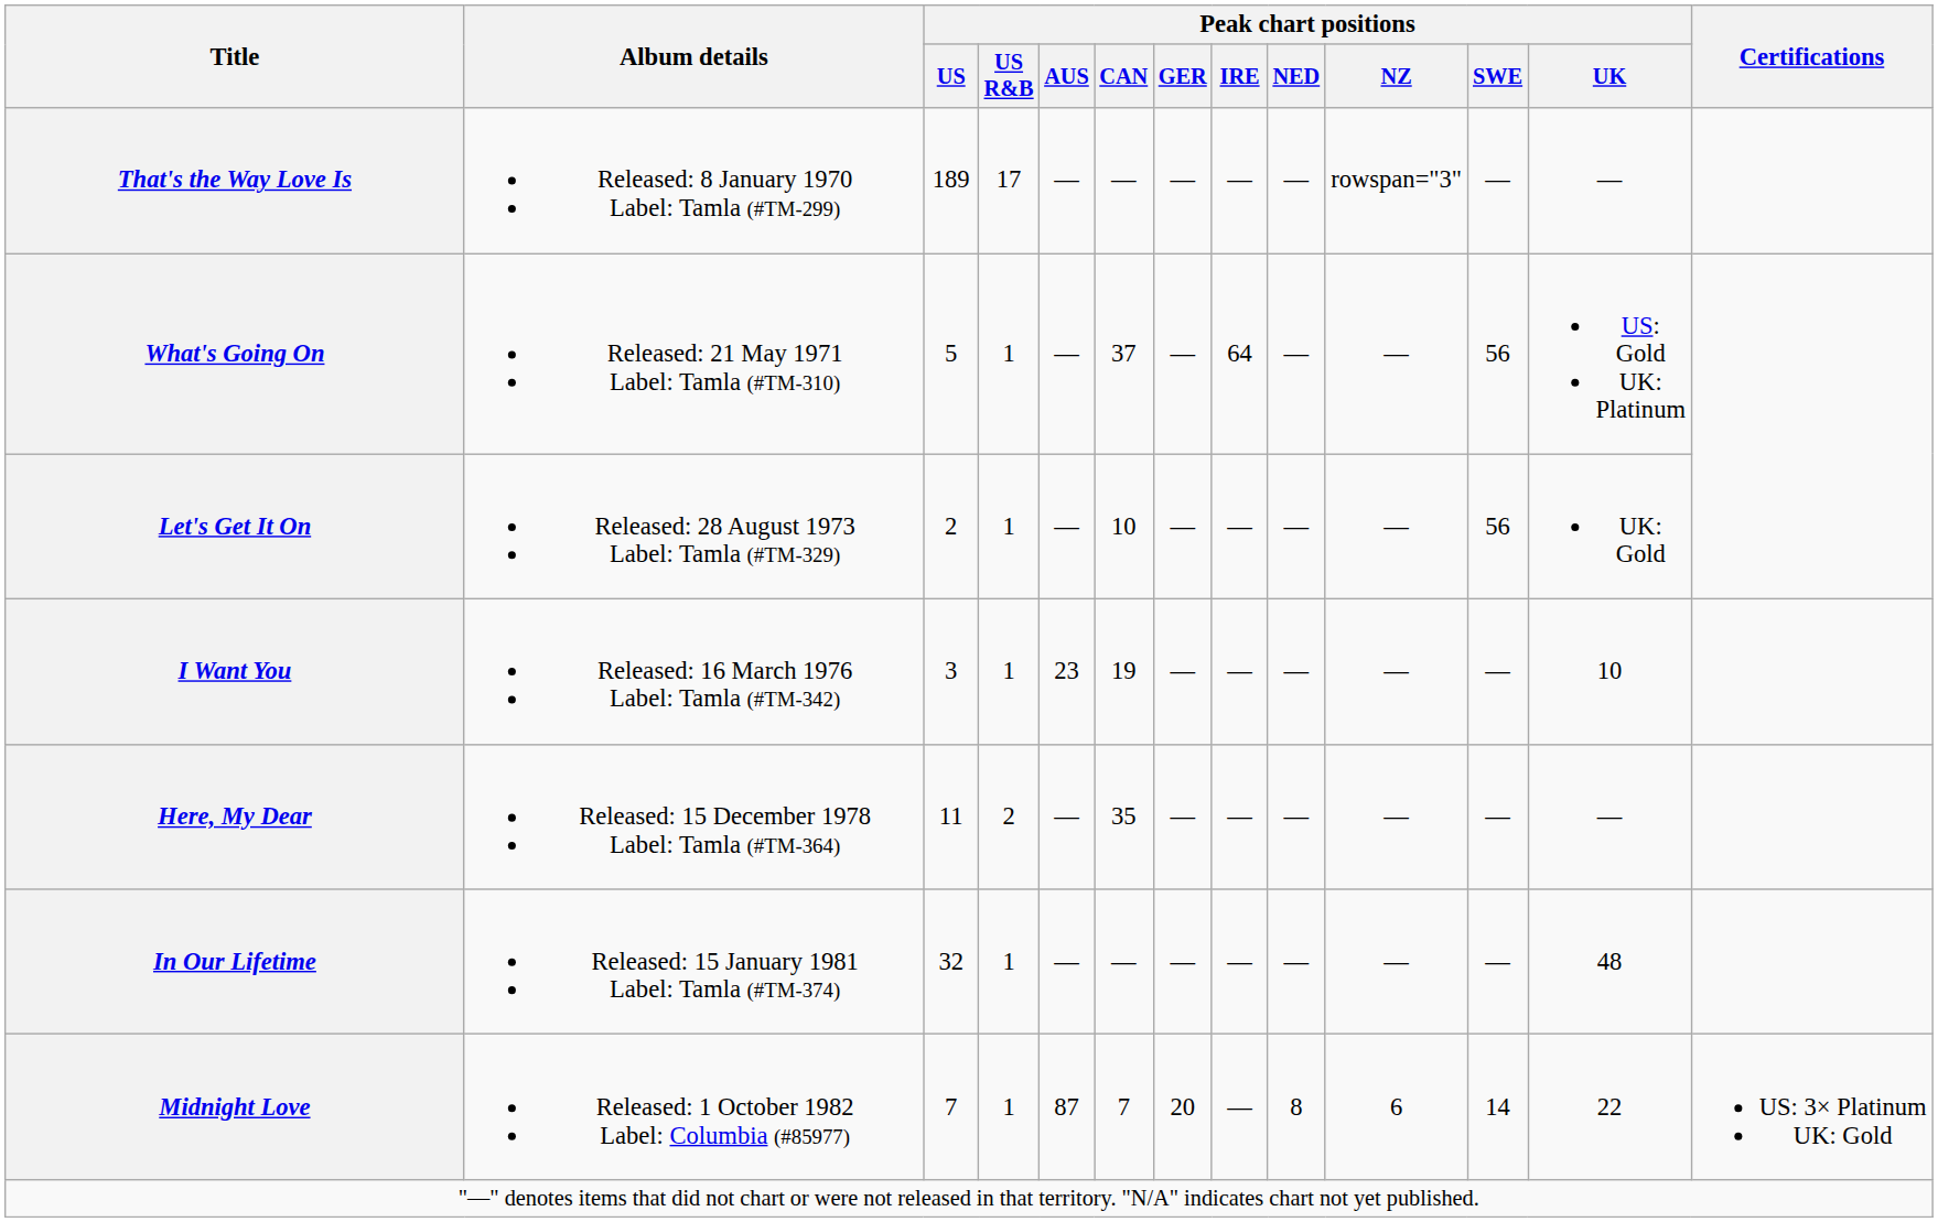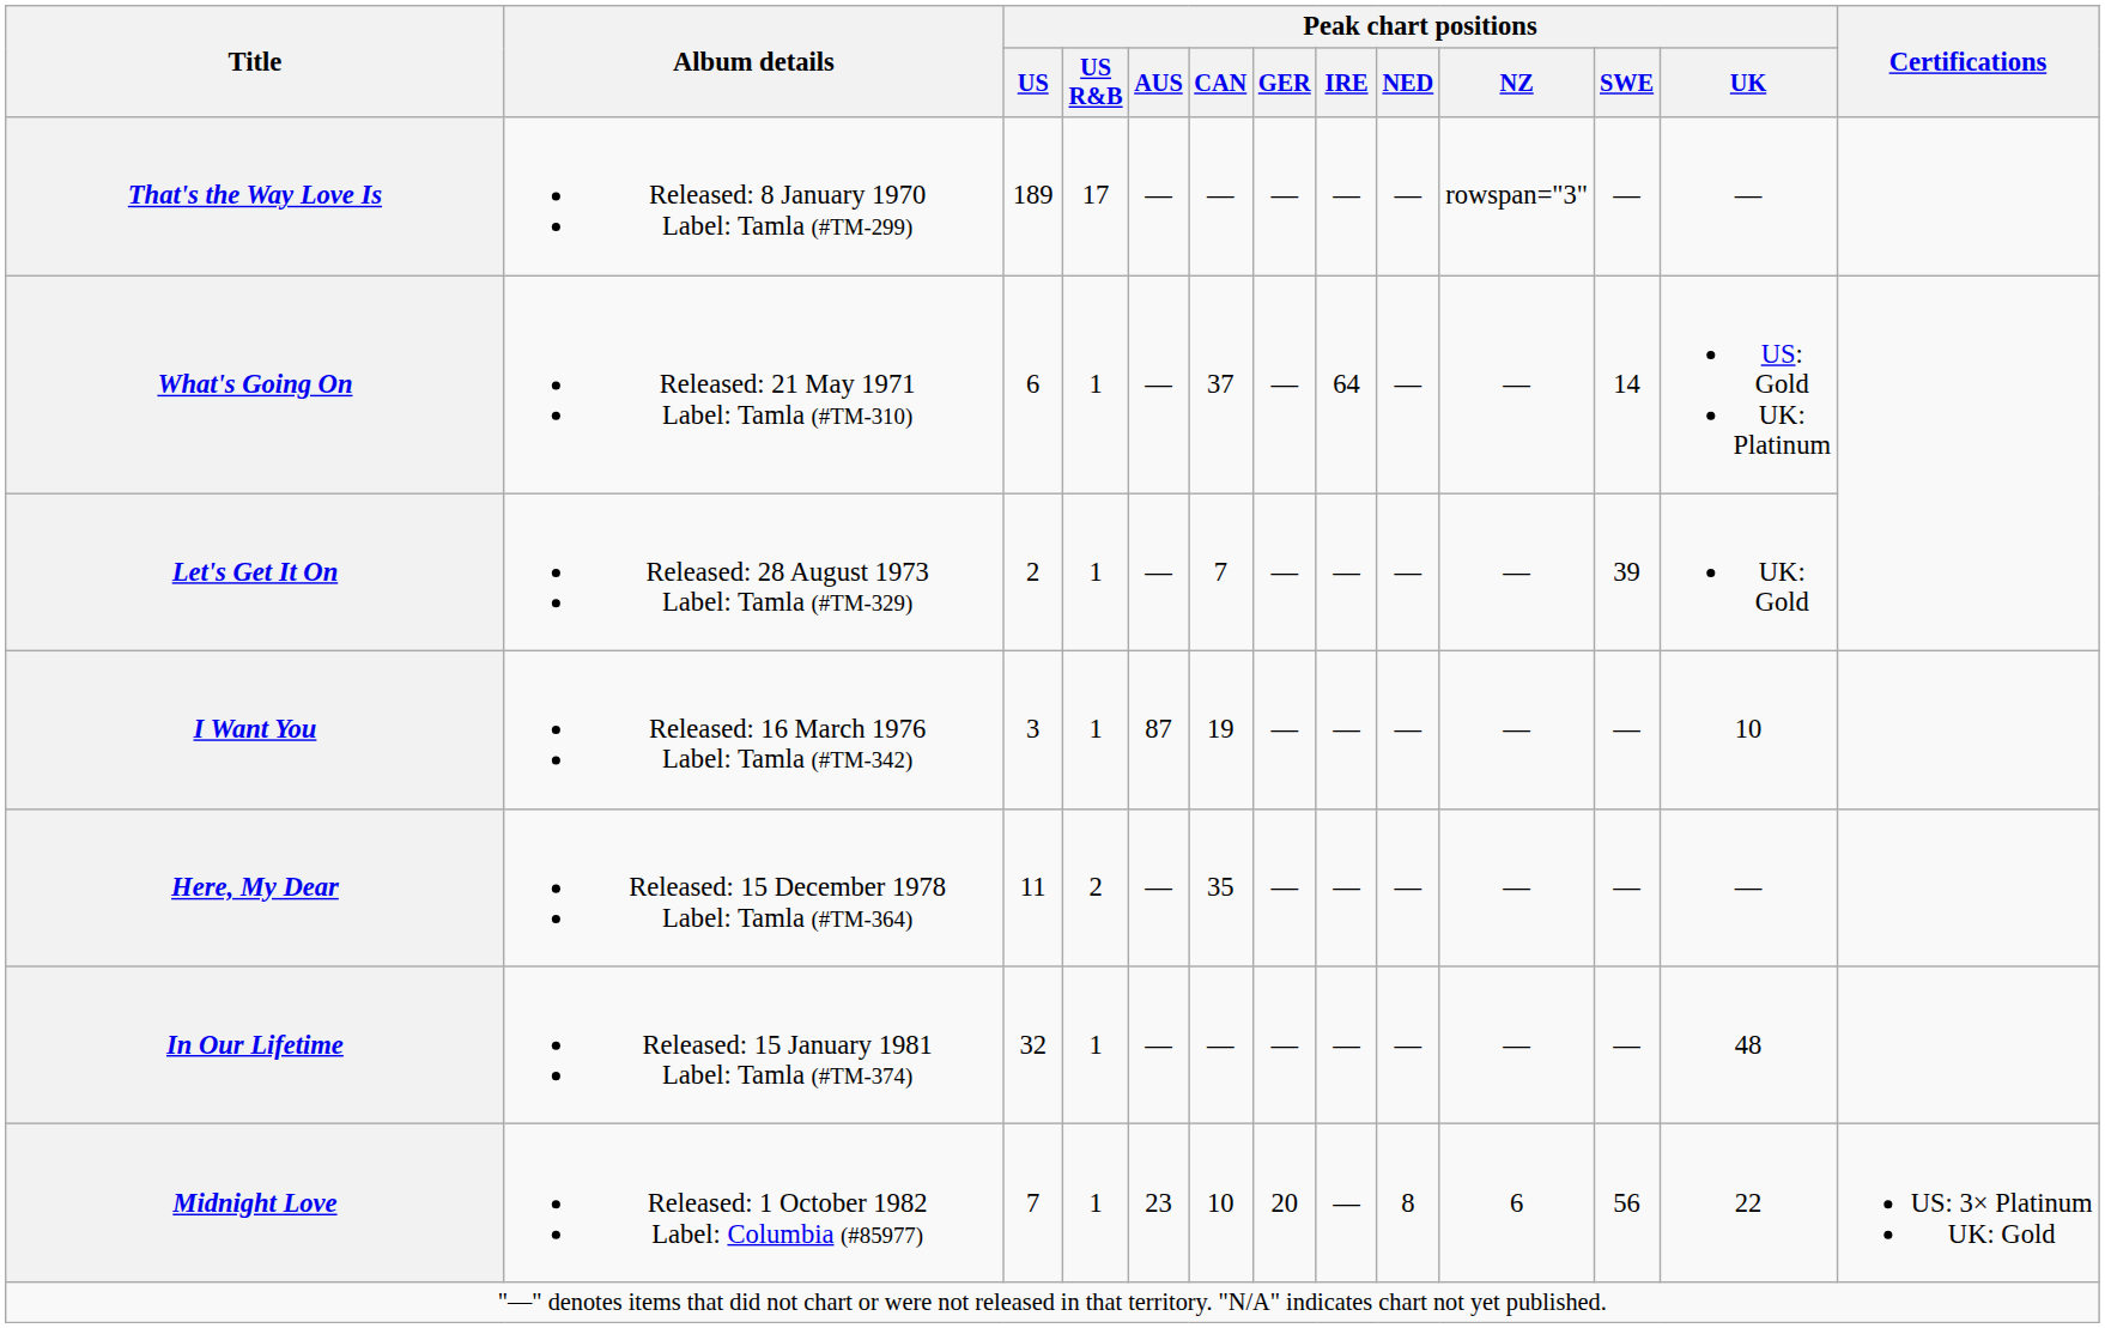 <table class="wikitable plainrowheaders" style="text-align:center;">
 <tr>
 <th scope="col" rowspan="2" style="width:18em;">Title</th>
 <th scope="col" rowspan="2" style="width:18em;">Album details</th>
 <th scope="col" colspan="10">Peak chart positions</th>
 <th scope="col" rowspan="2"><a href='#'>Certifications</a></th>
 </tr>
 <tr>
 <th style="width:2em;font-size:90%;"><a href='#'>US</a><br></th>
 <th style="width:2em;font-size:90%;"><a href='#'>US<br>R&B</a><br></th>
 <th style="width:2em;font-size:90%;"><a href='#'>AUS</a><br></th>
 <th style="width:2em;font-size:90%;"><a href='#'>CAN</a><br></th>
 <th style="width:2em;font-size:90%;"><a href='#'>GER</a><br></th>
 <th style="width:2em;font-size:90%;"><a href='#'>IRE</a><br></th>
 <th style="width:2em;font-size:90%;"><a href='#'>NED</a><br></th>
 <th style="width:2em;font-size:90%;"><a href='#'>NZ</a><br></th>
 <th style="width:2em;font-size:90%;"><a href='#'>SWE</a><br></th>
 <th style="width:2em;font-size:90%;"><a href='#'>UK</a><br></th>
 </tr>
 <tr>
 <th scope="row"><em><a href='#'>That's the Way Love Is</a></em></th>
 <td><br><ul><li>Released: 8 January 1970</li><li>Label: Tamla <small>(#TM-299)</small></li></ul></td>
 <td>189</td>
 <td>17</td>
 <td>—</td>
 <td>—</td>
 <td>—</td>
 <td>—</td>
 <td>—</td>
 <td>rowspan="3" </td>
 <td>—</td>
 <td>—</td>
 <td></td>
 </tr>
 <tr>
 <th scope="row"><em><a href='#'>What's Going On</a></em></th>
 <td><br><ul><li>Released: 21 May 1971</li><li>Label: Tamla <small>(#TM-310)</small></li></ul></td>
-<td>5</td>
+<td>6</td>
 <td>1</td>
 <td>—</td>
 <td>37</td>
 <td>—</td>
 <td>64<br></td>
 <td>—</td>
 <td>—</td>
-<td>56<br></td>
+<td>14</td>
 <td><br><ul><li><a href='#'>US</a>: Gold</li><li>UK: Platinum</li></ul></td>
 </tr>
 <tr>
 <th scope="row"><em><a href='#'>Let's Get It On</a></em></th>
 <td><br><ul><li>Released: 28 August 1973</li><li>Label: Tamla <small>(#TM-329)</small></li></ul></td>
 <td>2</td>
 <td>1</td>
 <td>—</td>
-<td>10</td>
+<td>7</td>
 <td>—</td>
 <td>—</td>
 <td>—</td>
 <td>—</td>
-<td>56<br></td>
+<td>39</td>
 <td><br><ul><li>UK: Gold</li></ul></td>
 </tr>
 <tr>
 <th scope="row"><em><a href='#'>I Want You</a></em></th>
 <td><br><ul><li>Released: 16 March 1976</li><li>Label: Tamla <small>(#TM-342)</small></li></ul></td>
 <td>3</td>
 <td>1</td>
-<td>23</td>
+<td>87</td>
 <td>19</td>
 <td>—</td>
 <td>—</td>
 <td>—</td>
 <td>—</td>
 <td>—</td>
 <td>10</td>
 <td></td>
 </tr>
 <tr>
 <th scope="row"><em><a href='#'>Here, My Dear</a></em></th>
 <td><br><ul><li>Released: 15 December 1978</li><li>Label: Tamla <small>(#TM-364)</small></li></ul></td>
 <td>11</td>
 <td>2</td>
 <td>—</td>
 <td>35</td>
 <td>—</td>
 <td>—</td>
 <td>—</td>
 <td>—</td>
 <td>—</td>
 <td>—</td>
 <td></td>
 </tr>
 <tr>
 <th scope="row"><em><a href='#'>In Our Lifetime</a></em></th>
 <td><br><ul><li>Released: 15 January 1981</li><li>Label: Tamla <small>(#TM-374)</small></li></ul></td>
 <td>32</td>
 <td>1</td>
 <td>—</td>
 <td>—</td>
 <td>—</td>
 <td>—</td>
 <td>—</td>
 <td>—</td>
 <td>—</td>
 <td>48</td>
 <td></td>
 </tr>
 <tr>
 <th scope="row"><em><a href='#'>Midnight Love</a></em></th>
 <td><br><ul><li>Released: 1 October 1982</li><li>Label: <a href='#'>Columbia</a> <small>(#85977)</small></li></ul></td>
 <td>7</td>
 <td>1</td>
-<td>87</td>
-<td>7</td>
+<td>23</td>
+<td>10</td>
 <td>20</td>
 <td>—</td>
 <td>8</td>
 <td>6</td>
-<td>14</td>
+<td>56<br></td>
 <td>22</td>
 <td><br><ul><li>US: 3× Platinum</li><li>UK: Gold</li></ul></td>
 </tr>
 <tr>
 <td align="center" colspan="15" style="font-size:90%">"—" denotes items that did not chart or were not released in that territory. "N/A" indicates chart not yet published.</td>
 </tr>
 </table>
